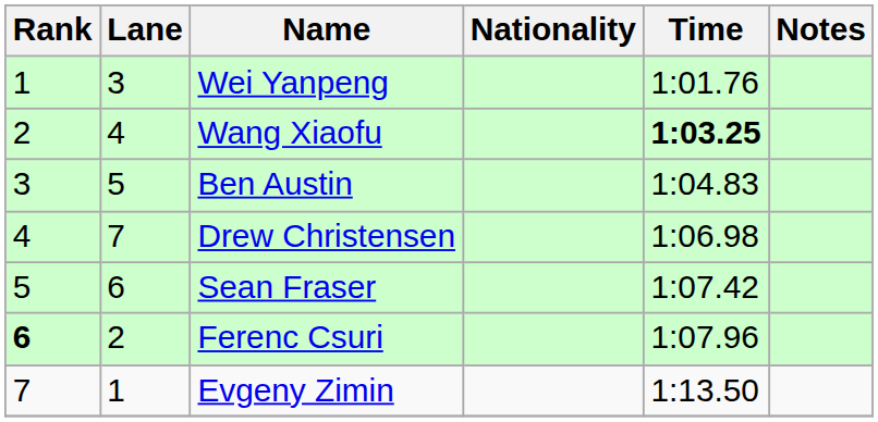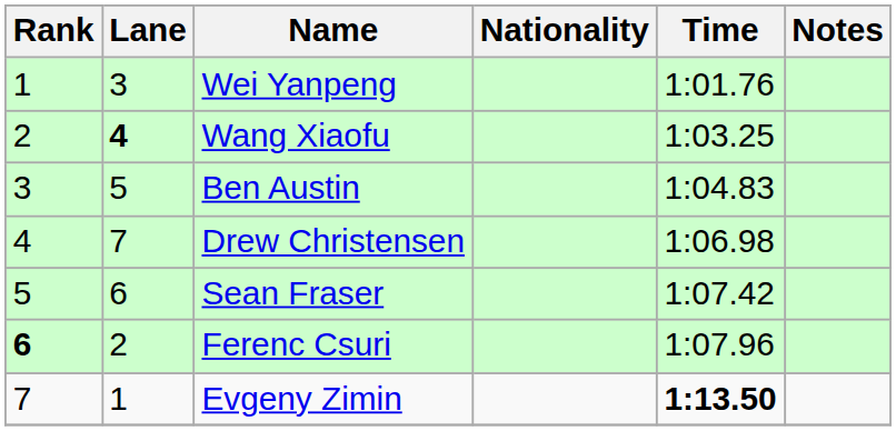 <table class="wikitable">
 <tr>
 <th>Rank</th>
 <th>Lane</th>
 <th>Name</th>
 <th>Nationality</th>
 <th>Time</th>
 <th>Notes</th>
 </tr>
 <tr>
 <td bgcolor=ccffcc>1</td>
 <td bgcolor=ccffcc>3</td>
 <td bgcolor=ccffcc><a href='#'>Wei Yanpeng</a></td>
 <td bgcolor=ccffcc></td>
 <td bgcolor=ccffcc>1:01.76</td>
 <td bgcolor=ccffcc></td>
 </tr>
 <tr>
 <td bgcolor=ccffcc>2</td>
-<td bgcolor=ccffcc>4</td>
+<td bgcolor=ccffcc><strong>4</strong></td>
 <td bgcolor=ccffcc><a href='#'>Wang Xiaofu</a></td>
 <td bgcolor=ccffcc></td>
-<td bgcolor=ccffcc><strong>1:03.25</strong></td>
+<td bgcolor=ccffcc>1:03.25</td>
 <td bgcolor=ccffcc></td>
 </tr>
 <tr>
 <td bgcolor=ccffcc>3</td>
 <td bgcolor=ccffcc>5</td>
 <td bgcolor=ccffcc><a href='#'>Ben Austin</a></td>
 <td bgcolor=ccffcc></td>
 <td bgcolor=ccffcc>1:04.83</td>
 <td bgcolor=ccffcc></td>
 </tr>
 <tr>
 <td bgcolor=ccffcc>4</td>
 <td bgcolor=ccffcc>7</td>
 <td bgcolor=ccffcc><a href='#'>Drew Christensen</a></td>
 <td bgcolor=ccffcc></td>
 <td bgcolor=ccffcc>1:06.98</td>
 <td bgcolor=ccffcc></td>
 </tr>
 <tr>
 <td bgcolor=ccffcc>5</td>
 <td bgcolor=ccffcc>6</td>
 <td bgcolor=ccffcc><a href='#'>Sean Fraser</a></td>
 <td bgcolor=ccffcc></td>
 <td bgcolor=ccffcc>1:07.42</td>
 <td bgcolor=ccffcc></td>
 </tr>
 <tr>
 <td bgcolor=ccffcc><strong>6</strong></td>
 <td bgcolor=ccffcc>2</td>
 <td bgcolor=ccffcc><a href='#'>Ferenc Csuri</a></td>
 <td bgcolor=ccffcc></td>
 <td bgcolor=ccffcc>1:07.96</td>
 <td bgcolor=ccffcc></td>
 </tr>
 <tr>
 <td>7</td>
 <td>1</td>
 <td><a href='#'>Evgeny Zimin</a></td>
 <td></td>
-<td>1:13.50</td>
+<td><strong>1:13.50</strong></td>
 <td></td>
 </tr>
 <tr>
 </tr>
 </table>
